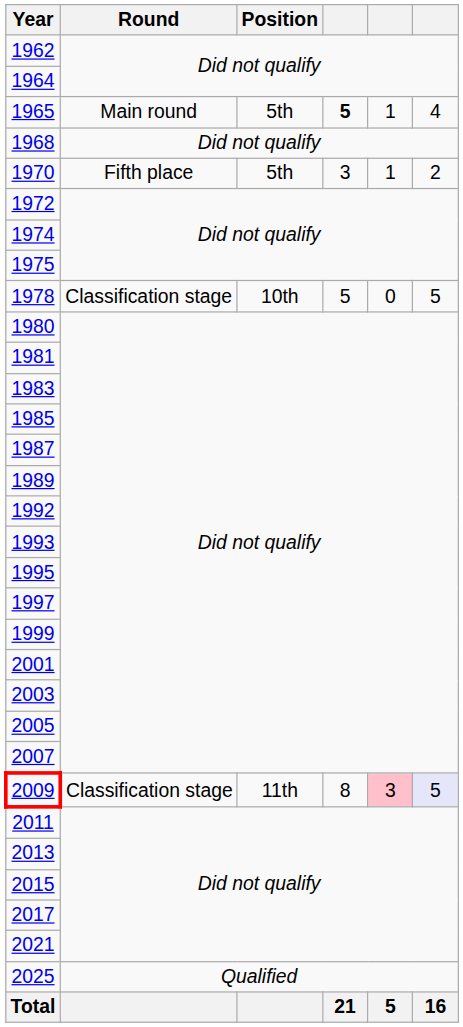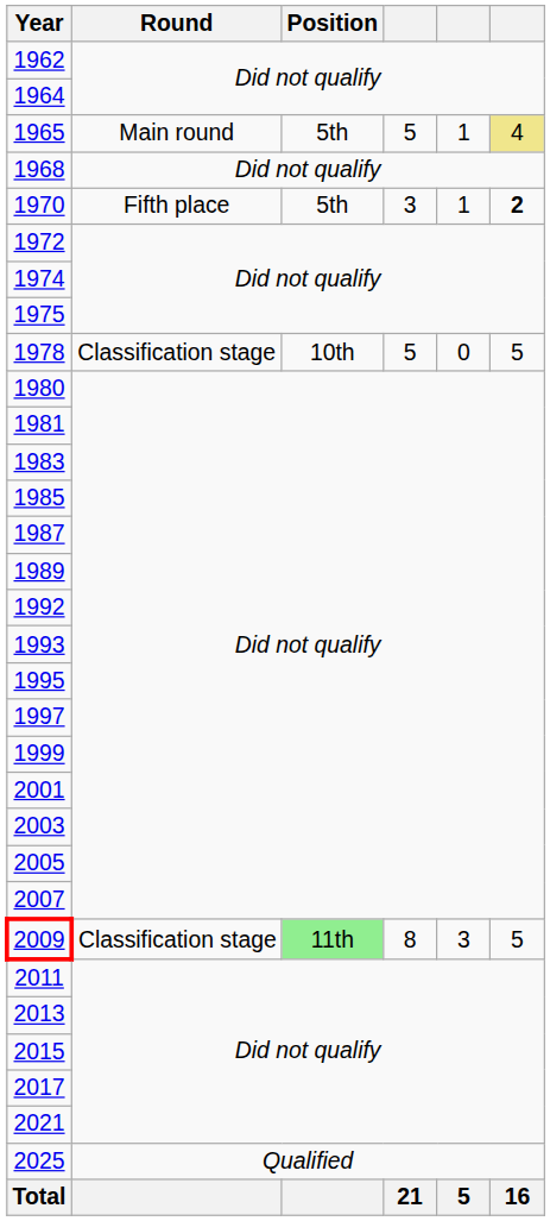 <table class="wikitable" style="text-align:center;">
 <tr>
 <th>Year</th>
 <th>Round</th>
 <th>Position</th>
 <th width=30></th>
 <th width=30></th>
 <th width=30></th>
 </tr>
 <tr>
 <td> <a href='#'>1962</a></td>
 <td rowspan=2 colspan=5><em>Did not qualify</em></td>
 </tr>
 <tr>
 <td> <a href='#'>1964</a></td>
 </tr>
 <tr>
 <td> <a href='#'>1965</a></td>
 <td>Main round</td>
 <td>5th</td>
-<td><strong>5</strong></td>
+<td>5</td>
 <td>1</td>
-<td>4</td>
+<td style="background: khaki;">4</td>
 </tr>
 <tr>
 <td> <a href='#'>1968</a></td>
 <td colspan=5><em>Did not qualify</em></td>
 </tr>
 <tr>
 <td> <a href='#'>1970</a></td>
 <td>Fifth place</td>
 <td>5th</td>
 <td>3</td>
 <td>1</td>
-<td>2</td>
+<td><strong>2</strong></td>
 </tr>
 <tr>
 <td> <a href='#'>1972</a></td>
 <td rowspan=3 colspan=5><em>Did not qualify</em></td>
 </tr>
 <tr>
 <td> <a href='#'>1974</a></td>
 </tr>
 <tr>
 <td> <a href='#'>1975</a></td>
 </tr>
 <tr>
 <td> <a href='#'>1978</a></td>
 <td>Classification stage</td>
 <td>10th</td>
 <td>5</td>
 <td>0</td>
 <td>5</td>
 </tr>
 <tr>
 <td> <a href='#'>1980</a></td>
 <td colspan=5 rowspan=15><em>Did not qualify</em></td>
 </tr>
 <tr>
 <td> <a href='#'>1981</a></td>
 </tr>
 <tr>
 <td> <a href='#'>1983</a></td>
 </tr>
 <tr>
 <td> <a href='#'>1985</a></td>
 </tr>
 <tr>
 <td> <a href='#'>1987</a></td>
 </tr>
 <tr>
 <td> <a href='#'>1989</a></td>
 </tr>
 <tr>
 <td> <a href='#'>1992</a></td>
 </tr>
 <tr>
 <td> <a href='#'>1993</a></td>
 </tr>
 <tr>
 <td> <a href='#'>1995</a></td>
 </tr>
 <tr>
 <td> <a href='#'>1997</a></td>
 </tr>
 <tr>
 <td> <a href='#'>1999</a></td>
 </tr>
 <tr>
 <td> <a href='#'>2001</a></td>
 </tr>
 <tr>
 <td> <a href='#'>2003</a></td>
 </tr>
 <tr>
 <td> <a href='#'>2005</a></td>
 </tr>
 <tr>
 <td> <a href='#'>2007</a></td>
 </tr>
 <tr>
 <td style="border:3px solid red;"> <a href='#'>2009</a></td>
 <td>Classification stage</td>
-<td>11th</td>
+<td style="background: lightgreen;">11th</td>
 <td>8</td>
-<td style="background: pink;">3</td>
-<td style="background: lavender;">5</td>
+<td>3</td>
+<td>5</td>
 </tr>
 <tr>
 <td> <a href='#'>2011</a></td>
 <td rowspan=5 colspan=5><em>Did not qualify</em></td>
 </tr>
 <tr>
 <td> <a href='#'>2013</a></td>
 </tr>
 <tr>
 <td> <a href='#'>2015</a></td>
 </tr>
 <tr>
 <td>  <a href='#'>2017</a></td>
 </tr>
 <tr>
 <td> <a href='#'>2021</a></td>
 </tr>
 <tr>
 <td> <a href='#'>2025</a></td>
 <td colspan=5><em>Qualified</em></td>
 </tr>
 <tr>
 <th>Total</th>
 <th></th>
 <th></th>
 <th>21</th>
 <th>5</th>
 <th>16</th>
 </tr>
 </table>
